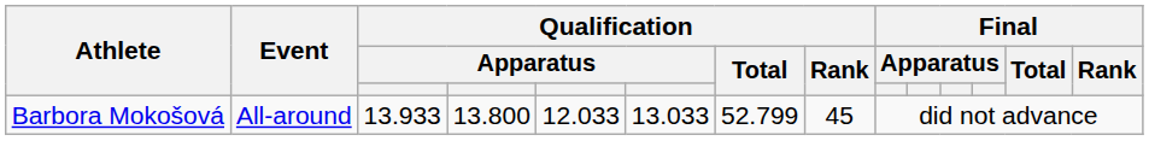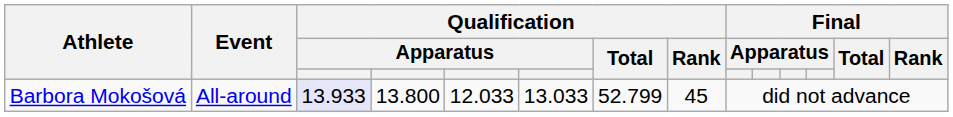 <table class="wikitable" style="font-size:90%">
 <tr>
 <th rowspan=3>Athlete</th>
 <th rowspan=3>Event</th>
 <th colspan=6>Qualification</th>
 <th colspan=6>Final</th>
 </tr>
 <tr style="font-size:95%">
 <th colspan=4>Apparatus</th>
 <th rowspan=2>Total</th>
 <th rowspan=2>Rank</th>
 <th colspan=4>Apparatus</th>
 <th rowspan=2>Total</th>
 <th rowspan=2>Rank</th>
 </tr>
 <tr style="font-size:95%">
 <th></th>
 <th></th>
 <th></th>
 <th></th>
 <th></th>
 <th></th>
 <th></th>
 <th></th>
 </tr>
 <tr align=center>
 <td align=left><a href='#'>Barbora Mokošová</a></td>
 <td align=left><a href='#'>All-around</a></td>
-<td>13.933</td>
+<td style="background: lavender;">13.933</td>
 <td>13.800</td>
 <td>12.033</td>
 <td>13.033</td>
 <td>52.799</td>
 <td>45</td>
 <td colspan=6>did not advance</td>
 </tr>
 </table>
